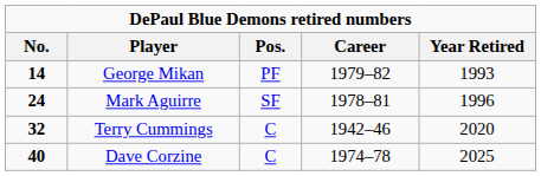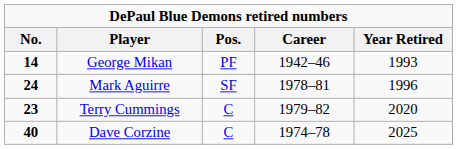 <table class="wikitable sortable" style="text-align:center">
 <tr>
 <td colspan="5"><strong>DePaul Blue Demons retired numbers</strong></td>
 </tr>
 <tr>
 <th width=50px>No.</th>
 <th width=150px>Player</th>
 <th width=50px>Pos.</th>
 <th width=100px>Career</th>
 <th width=100px>Year Retired</th>
 </tr>
 <tr>
 <td><strong>14</strong></td>
 <td><a href='#'>George Mikan</a></td>
 <td><a href='#'>PF</a></td>
-<td>1979–82</td>
+<td>1942–46</td>
 <td>1993</td>
 </tr>
 <tr>
 <td><strong>24</strong></td>
 <td><a href='#'>Mark Aguirre</a></td>
 <td><a href='#'>SF</a></td>
 <td>1978–81</td>
 <td>1996</td>
 </tr>
 <tr>
-<td><strong>32</strong></td>
+<td><strong>23</strong></td>
 <td><a href='#'>Terry Cummings</a></td>
 <td><a href='#'>C</a></td>
-<td>1942–46</td>
+<td>1979–82</td>
 <td>2020</td>
 </tr>
 <tr>
 <td><strong>40</strong></td>
 <td><a href='#'>Dave Corzine</a></td>
 <td><a href='#'>C</a></td>
 <td>1974–78</td>
 <td>2025</td>
 </tr>
 </table>
